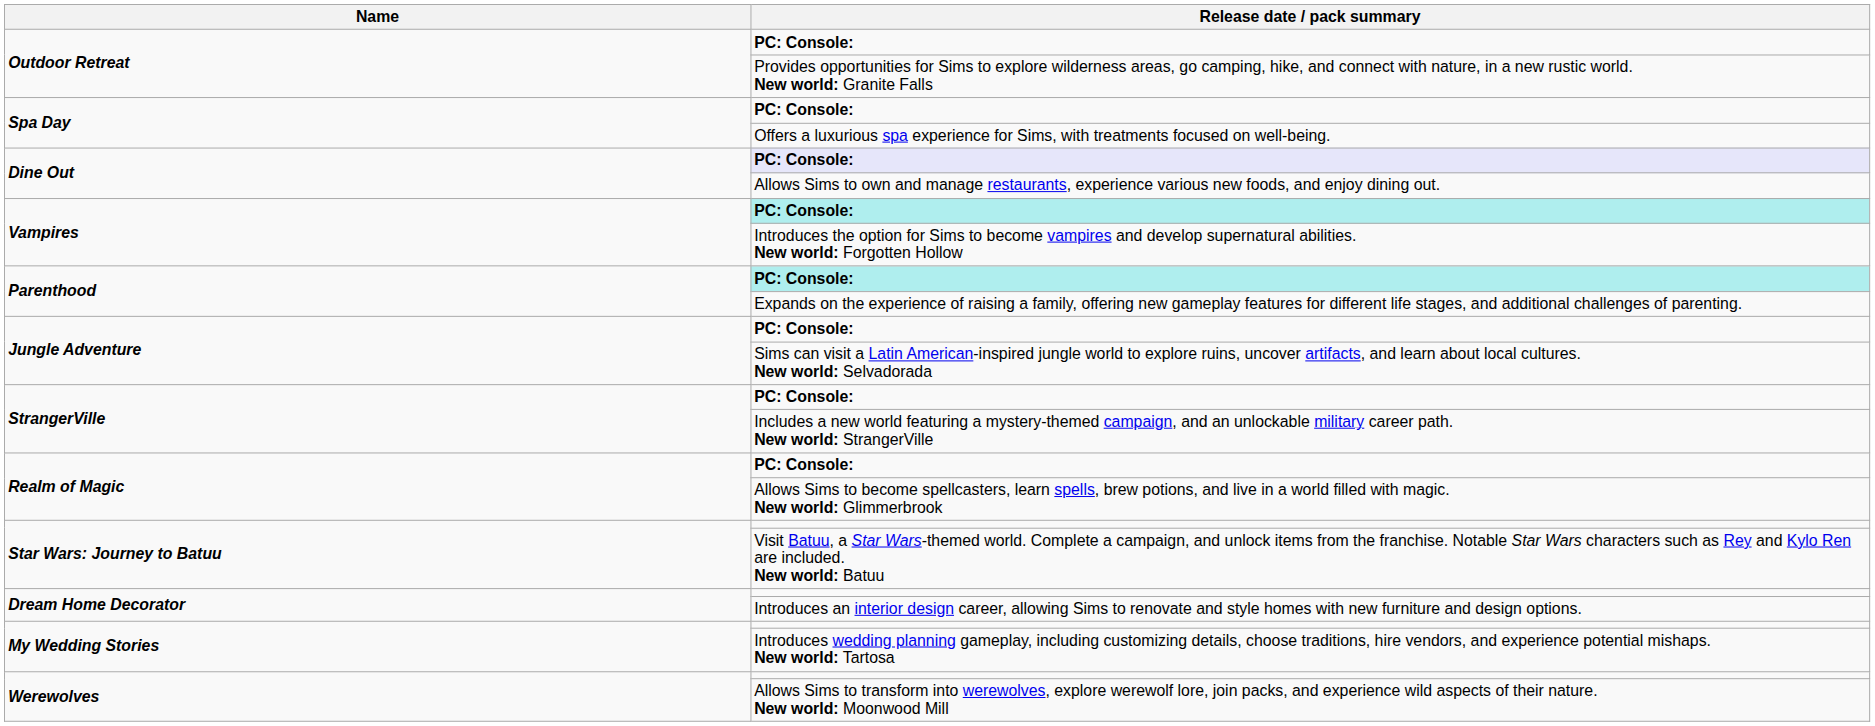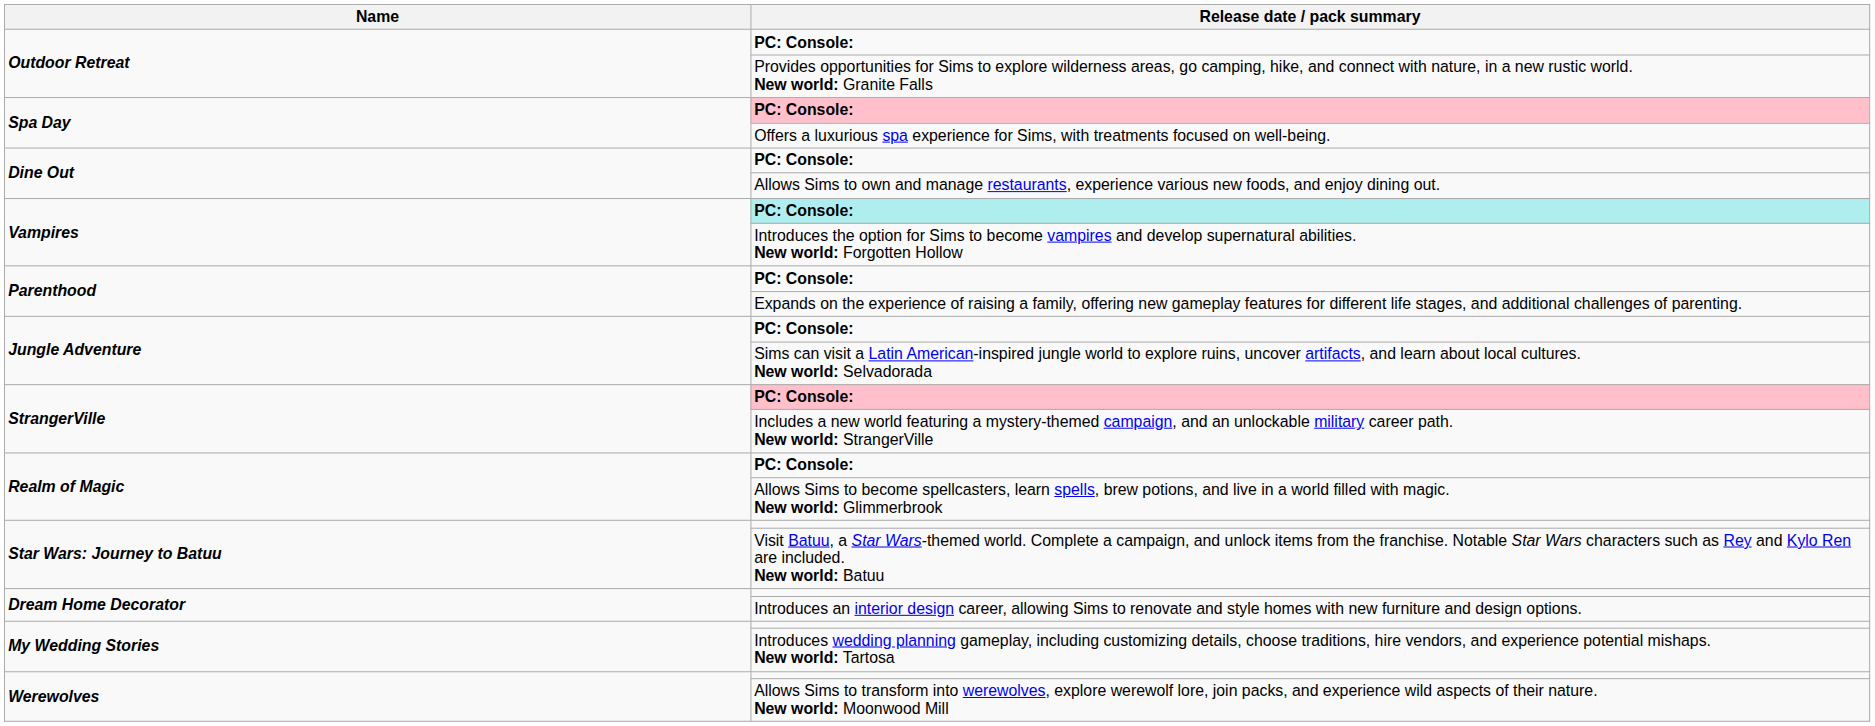 <table class="wikitable" width="95%">
 <tr>
 <th width="40%">Name</th>
 <th>Release date / pack summary</th>
 </tr>
 <tr>
 <td rowspan="2"><strong><em>Outdoor Retreat</em></strong></td>
 <td><strong>PC:</strong> <strong>Console:</strong></td>
 </tr>
 <tr>
 <td>Provides opportunities for Sims to explore wilderness areas, go camping, hike, and connect with nature, in a new rustic world.<br><strong>New world:</strong> Granite Falls</td>
 </tr>
 <tr>
 <td rowspan="2"><strong><em>Spa Day</em></strong></td>
-<td><strong>PC:</strong> <strong>Console:</strong></td>
+<td style="background: pink;"><strong>PC:</strong> <strong>Console:</strong></td>
 </tr>
 <tr>
 <td>Offers a luxurious <a href='#'>spa</a> experience for Sims, with treatments focused on well-being.</td>
 </tr>
 <tr>
 <td rowspan="2"><strong><em>Dine Out</em></strong></td>
-<td style="background: lavender;"><strong>PC:</strong> <strong>Console:</strong></td>
+<td><strong>PC:</strong> <strong>Console:</strong></td>
 </tr>
 <tr>
 <td>Allows Sims to own and manage <a href='#'>restaurants</a>, experience various new foods, and enjoy dining out.</td>
 </tr>
 <tr>
 <td rowspan="2"><strong><em>Vampires</em></strong></td>
 <td style="background: paleturquoise;"><strong>PC:</strong> <strong>Console:</strong></td>
 </tr>
 <tr>
 <td>Introduces the option for Sims to become <a href='#'>vampires</a> and develop supernatural abilities.<br><strong>New world:</strong> Forgotten Hollow</td>
 </tr>
 <tr>
 <td rowspan="2"><strong><em>Parenthood</em></strong></td>
-<td style="background: paleturquoise;"><strong>PC:</strong> <strong>Console:</strong></td>
+<td><strong>PC:</strong> <strong>Console:</strong></td>
 </tr>
 <tr>
 <td>Expands on the experience of raising a family, offering new gameplay features for different life stages, and additional challenges of parenting.</td>
 </tr>
 <tr>
 <td rowspan="2"><strong><em>Jungle Adventure</em></strong></td>
 <td><strong>PC:</strong> <strong>Console:</strong></td>
 </tr>
 <tr>
 <td>Sims can visit a <a href='#'>Latin American</a>-inspired jungle world to explore ruins, uncover <a href='#'>artifacts</a>, and learn about local cultures.<br><strong>New world:</strong> Selvadorada</td>
 </tr>
 <tr>
 <td rowspan="2"><strong><em>StrangerVille</em></strong></td>
-<td><strong>PC:</strong>  <strong>Console:</strong></td>
+<td style="background: pink;"><strong>PC:</strong>  <strong>Console:</strong></td>
 </tr>
 <tr>
 <td>Includes a new world featuring a mystery-themed <a href='#'>campaign</a>, and an unlockable <a href='#'>military</a> career path.<br><strong>New world:</strong> StrangerVille</td>
 </tr>
 <tr>
 <td rowspan="2"><strong><em>Realm of Magic</em></strong></td>
 <td><strong>PC:</strong>  <strong>Console:</strong></td>
 </tr>
 <tr>
 <td>Allows Sims to become spellcasters, learn <a href='#'>spells</a>, brew potions, and live in a world filled with magic.<br><strong>New world:</strong> Glimmerbrook</td>
 </tr>
 <tr>
 <td rowspan="2"><strong><em>Star Wars: Journey to Batuu</em></strong></td>
 <td></td>
 </tr>
 <tr>
 <td>Visit <a href='#'>Batuu</a>, a <em><a href='#'>Star Wars</a></em>-themed world. Complete a campaign, and unlock items from the franchise. Notable <em>Star Wars</em> characters such as <a href='#'>Rey</a> and <a href='#'>Kylo Ren</a> are included.<br><strong>New world:</strong> Batuu</td>
 </tr>
 <tr>
 <td rowspan="2"><strong><em>Dream Home Decorator</em></strong></td>
 <td></td>
 </tr>
 <tr>
 <td>Introduces an <a href='#'>interior design</a> career, allowing Sims to renovate and style homes with new furniture and design options.</td>
 </tr>
 <tr>
 <td rowspan="2"><strong><em>My Wedding Stories</em></strong></td>
 <td></td>
 </tr>
 <tr>
 <td>Introduces <a href='#'>wedding planning</a> gameplay, including customizing details, choose traditions, hire vendors, and experience potential mishaps.<br><strong>New world:</strong> Tartosa</td>
 </tr>
 <tr>
 <td rowspan="2"><strong><em>Werewolves</em></strong></td>
 <td></td>
 </tr>
 <tr>
 <td>Allows Sims to transform into <a href='#'>werewolves</a>, explore werewolf lore, join packs, and experience wild aspects of their nature.<br><strong>New world:</strong> Moonwood Mill</td>
 </tr>
 </table>
